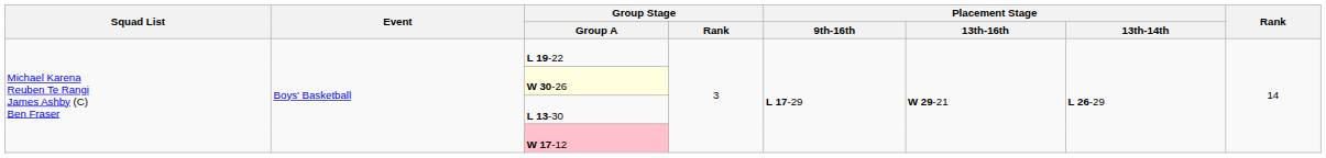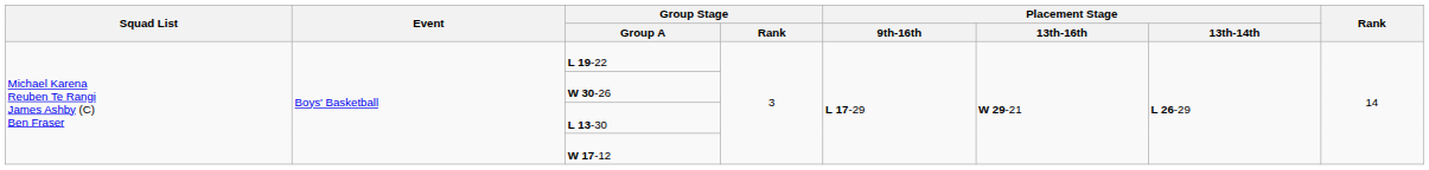 <table class="wikitable" width="90%" style="text-align:left; font-size:90%">
 <tr>
 <th rowspan="2">Squad List</th>
 <th rowspan="2">Event</th>
 <th colspan="2">Group Stage</th>
 <th colspan="3">Placement Stage</th>
 <th rowspan="2">Rank</th>
 </tr>
 <tr>
 <th>Group A</th>
 <th>Rank</th>
 <th>9th-16th</th>
 <th>13th-16th</th>
 <th>13th-14th</th>
 </tr>
 <tr>
 <td rowspan="4"><a href='#'>Michael Karena</a><br><a href='#'>Reuben Te Rangi</a><br><a href='#'>James Ashby</a> (C)<br><a href='#'>Ben Fraser</a></td>
 <td rowspan="4"><a href='#'>Boys' Basketball</a></td>
 <td><br> <strong>L</strong> <strong>19</strong>-22</td>
 <td rowspan="4" align=center>3</td>
 <td rowspan="4"> <br> <strong>L</strong> <strong>17</strong>-29</td>
 <td rowspan="4"> <br> <strong>W</strong> <strong>29</strong>-21</td>
 <td rowspan="4"> <br> <strong>L</strong> <strong>26</strong>-29</td>
 <td rowspan="4" align="center">14</td>
 </tr>
 <tr>
-<td style="background: lightyellow;"><br> <strong>W</strong> <strong>30</strong>-26</td>
+<td><br> <strong>W</strong> <strong>30</strong>-26</td>
 </tr>
 <tr>
 <td><br> <strong>L</strong> <strong>13</strong>-30</td>
 </tr>
 <tr>
-<td style="background: pink;"><br> <strong>W</strong> <strong>17</strong>-12</td>
+<td><br> <strong>W</strong> <strong>17</strong>-12</td>
 </tr>
 </table>
